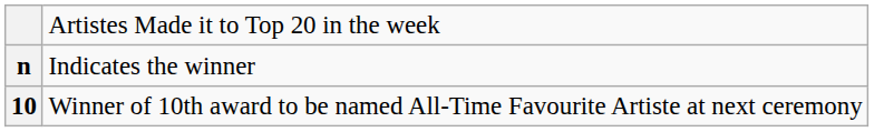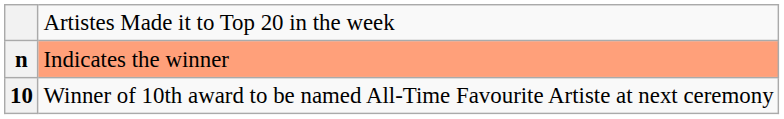 <table class="wikitable">
 <tr>
 <th scope="row" style="text-align:center" style="background:#FDFD96"></th>
 <td>Artistes Made it to Top 20 in the week</td>
 </tr>
 <tr>
 <th scope="row" style="text-align:center" style="background:#FAEB86;">n</th>
-<td>Indicates the winner</td>
+<td style="background: lightsalmon;">Indicates the winner</td>
 </tr>
 <tr>
 <th scope="row" style="text-align:center" style="background:#FFD700">10</th>
 <td>Winner of 10th award to be named All-Time Favourite Artiste at next ceremony</td>
 </tr>
 </table>
